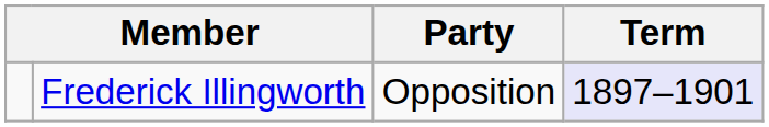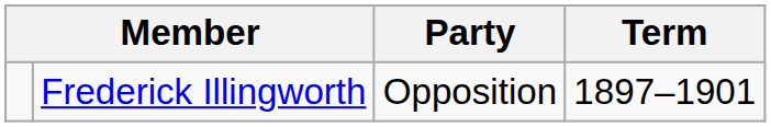 <table class="wikitable">
 <tr>
 <th colspan="2">Member</th>
 <th>Party</th>
 <th>Term</th>
 </tr>
 <tr>
 <td> </td>
 <td><a href='#'>Frederick Illingworth</a></td>
 <td>Opposition</td>
-<td style="background: lavender;">1897–1901</td>
+<td>1897–1901</td>
 </tr>
 </table>
